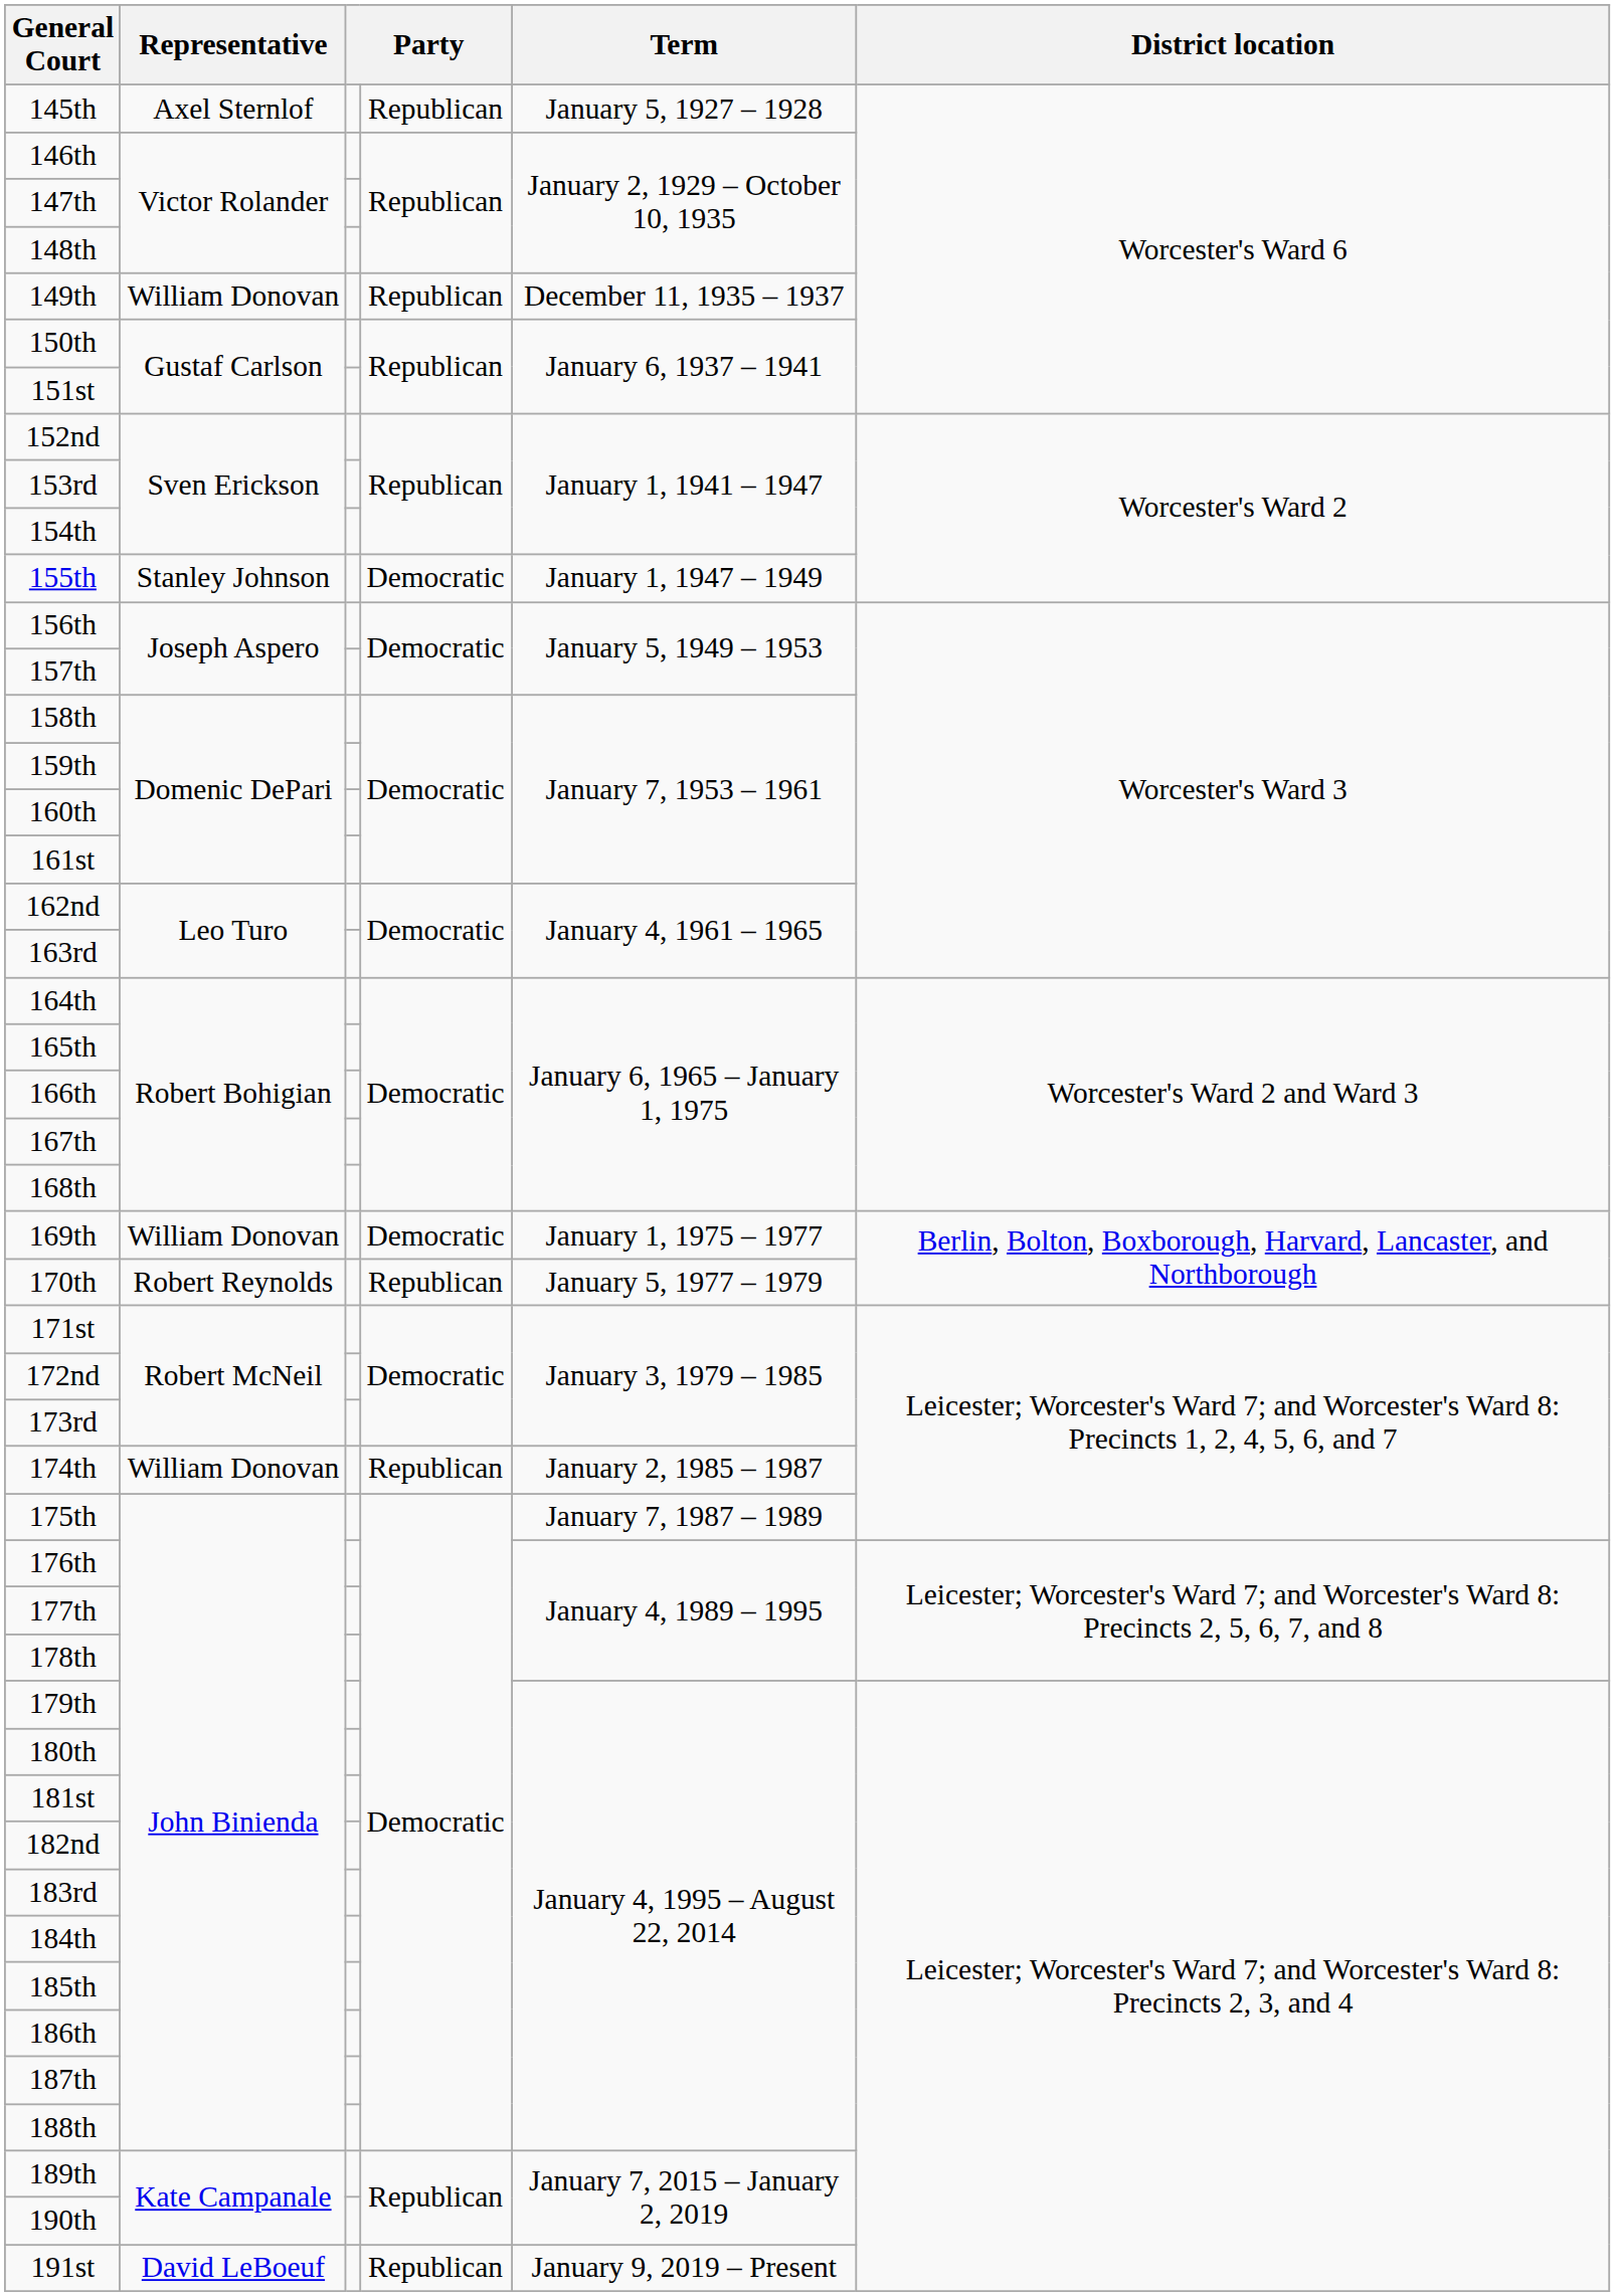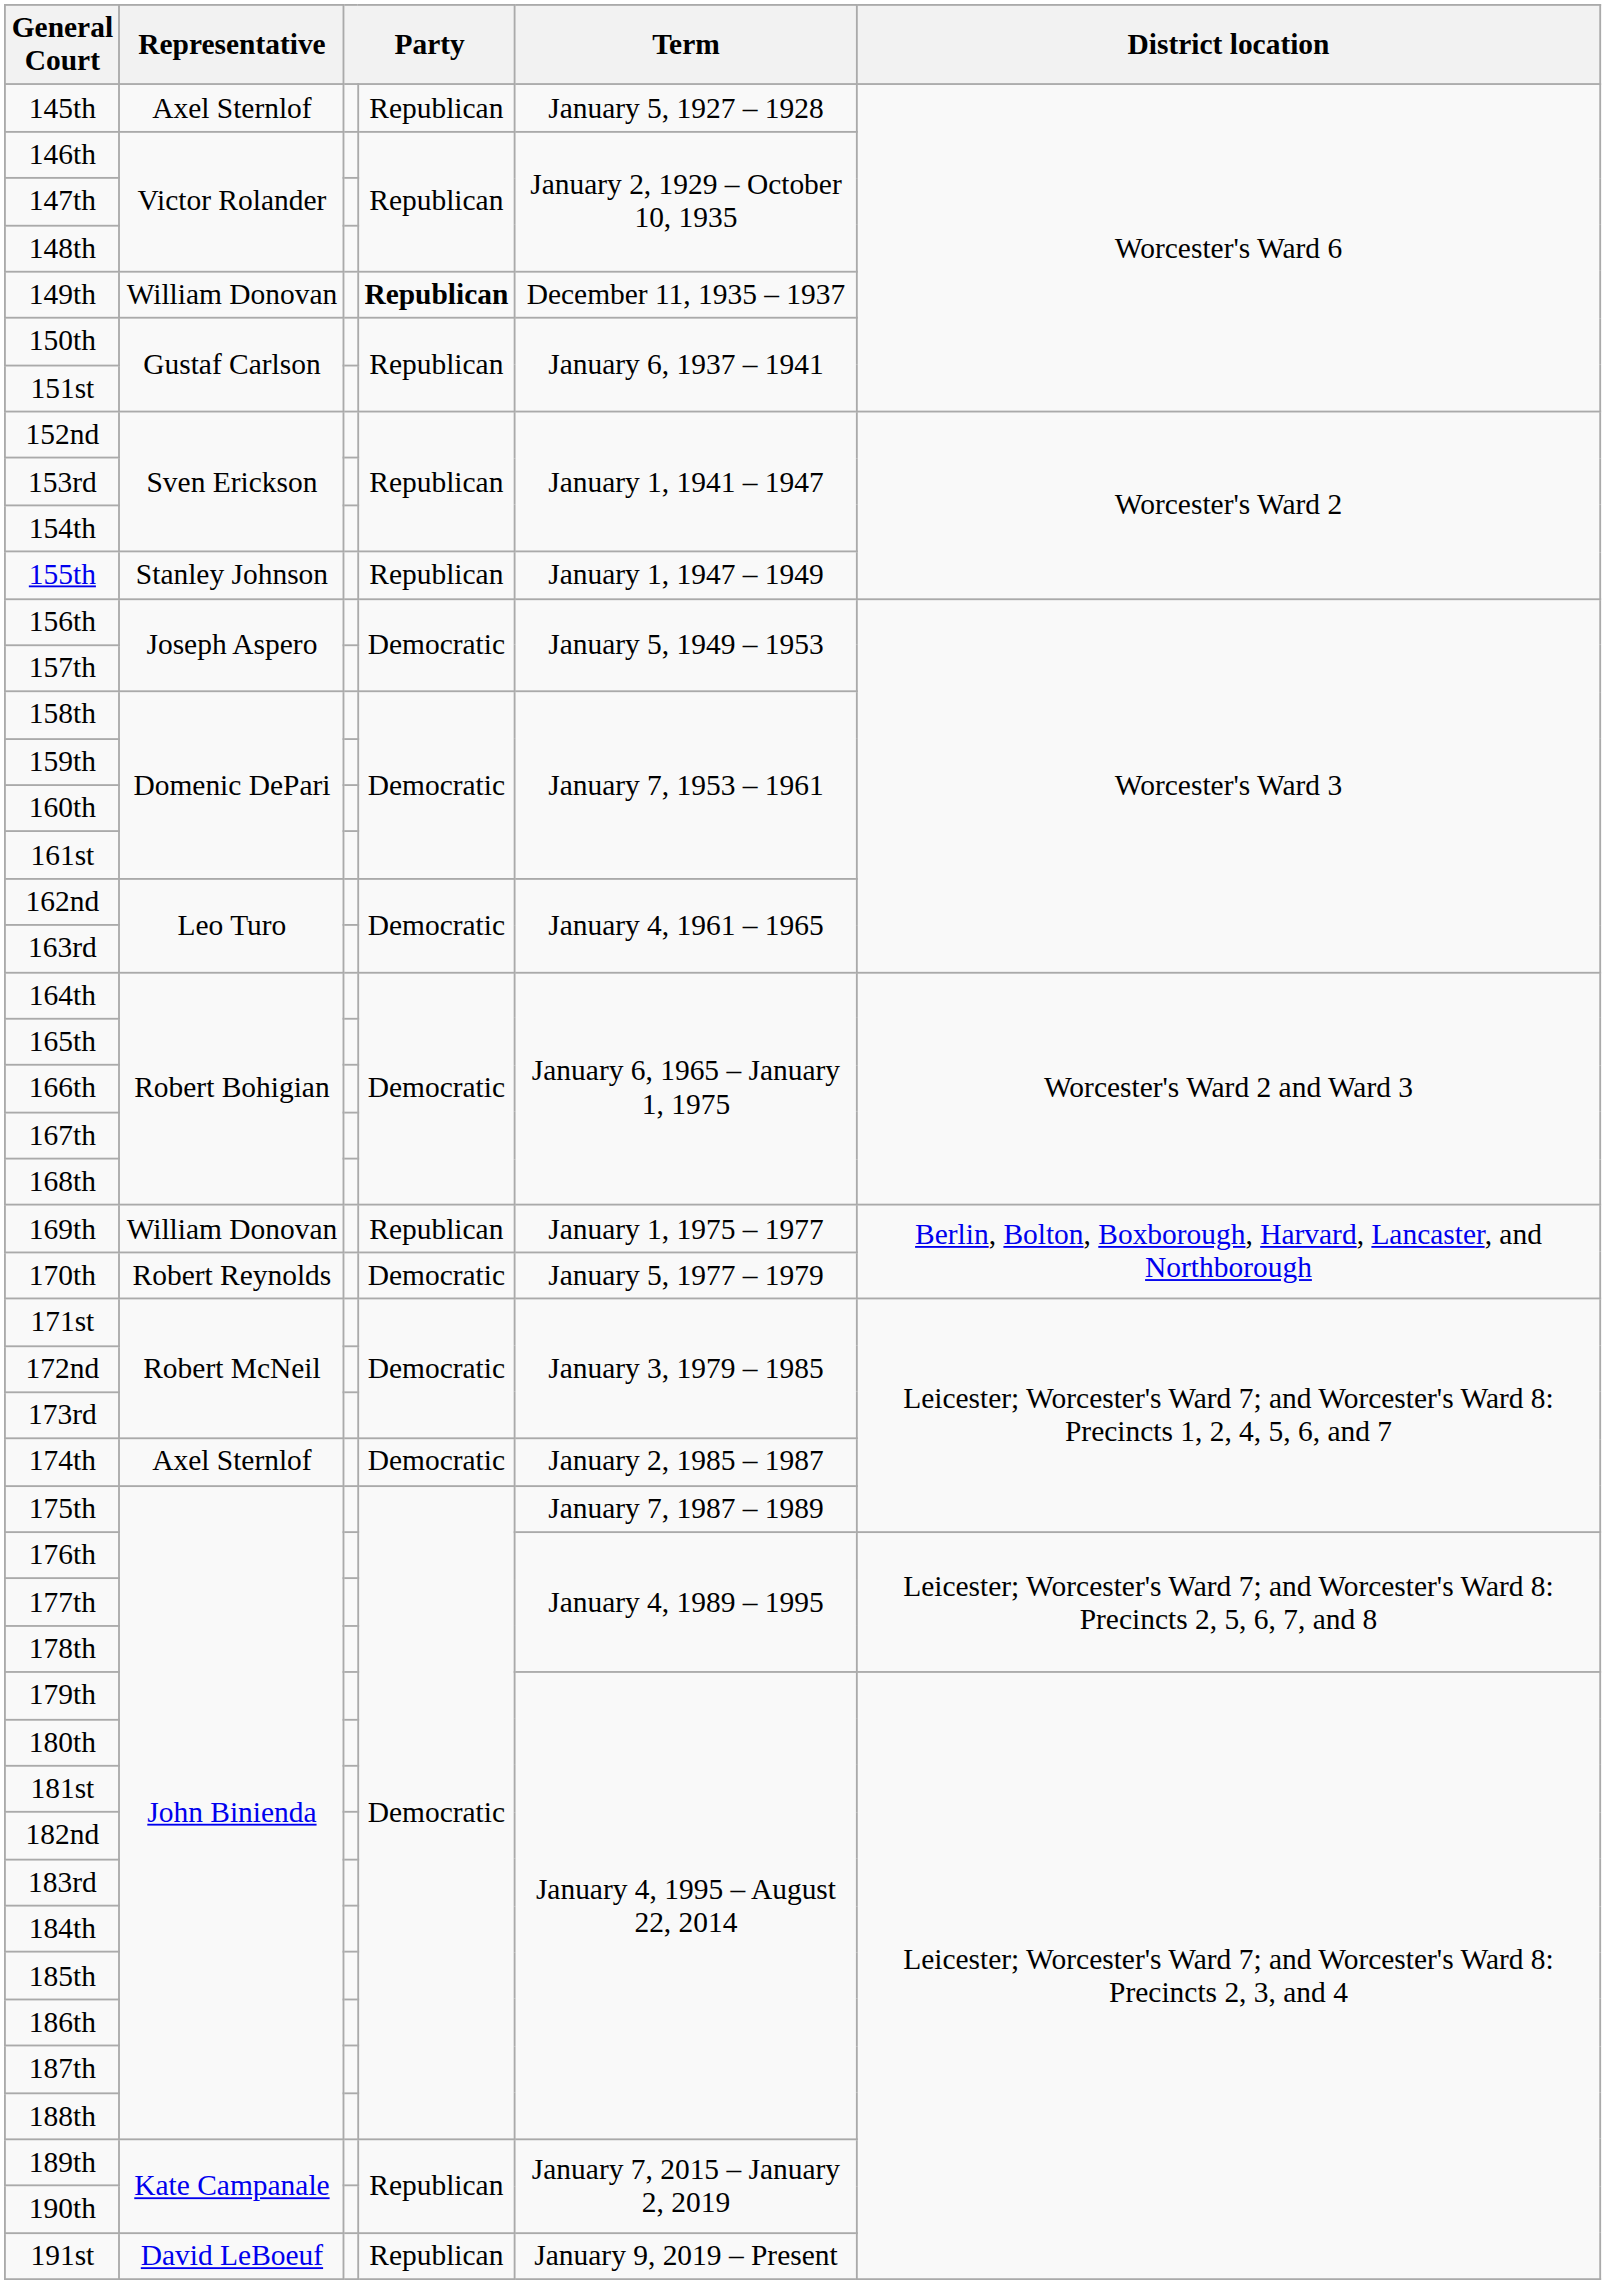 <table class="wikitable sortable" style="text-align:center;">
 <tr>
 <th>General<br>Court</th>
 <th>Representative</th>
 <th colspan=2>Party</th>
 <th>Term</th>
 <th>District location</th>
 </tr>
 <tr>
 <td>145th</td>
 <td nowrap>Axel Sternlof</td>
 <td style="background-color:"></td>
 <td>Republican</td>
 <td>January 5, 1927 – 1928</td>
 <td rowspan=7>Worcester's Ward 6</td>
 </tr>
 <tr>
 <td>146th</td>
 <td rowspan=3>Victor Rolander</td>
 <td style="background-color:"></td>
 <td rowspan=3>Republican</td>
 <td rowspan=3>January 2, 1929 – October 10, 1935</td>
 </tr>
 <tr>
 <td>147th</td>
 <td style="background-color:"></td>
 </tr>
 <tr>
 <td>148th</td>
 <td style="background-color:"></td>
 </tr>
 <tr>
 <td>149th</td>
 <td nowrap>William Donovan</td>
 <td style="background-color:"></td>
-<td>Republican</td>
+<td><strong>Republican</strong></td>
 <td>December 11, 1935 – 1937</td>
 </tr>
 <tr>
 <td>150th</td>
 <td rowspan=2>Gustaf Carlson</td>
 <td style="background-color:"></td>
 <td rowspan=2>Republican</td>
 <td rowspan=2>January 6, 1937 – 1941</td>
 </tr>
 <tr>
 <td>151st</td>
 <td style="background-color:"></td>
 </tr>
 <tr>
 <td>152nd</td>
 <td rowspan=3>Sven Erickson</td>
 <td style="background-color:"></td>
 <td rowspan=3>Republican</td>
 <td rowspan=3>January 1, 1941 – 1947</td>
 <td rowspan=4>Worcester's Ward 2</td>
 </tr>
 <tr>
 <td>153rd</td>
 <td style="background-color:"></td>
 </tr>
 <tr>
 <td>154th</td>
 <td style="background-color:"></td>
 </tr>
 <tr>
 <td><a href='#'>155th</a></td>
 <td nowrap>Stanley Johnson</td>
 <td style="background-color:"></td>
-<td>Democratic</td>
+<td>Republican</td>
 <td>January 1, 1947 – 1949</td>
 </tr>
 <tr>
 <td>156th</td>
 <td rowspan=2>Joseph Aspero</td>
 <td style="background-color:"></td>
 <td rowspan=2>Democratic</td>
 <td rowspan=2>January 5, 1949 – 1953</td>
 <td rowspan=8>Worcester's Ward 3</td>
 </tr>
 <tr>
 <td>157th</td>
 <td style="background-color:"></td>
 </tr>
 <tr>
 <td>158th</td>
 <td rowspan=4>Domenic DePari</td>
 <td style="background-color:"></td>
 <td rowspan=4>Democratic</td>
 <td rowspan=4>January 7, 1953 – 1961</td>
 </tr>
 <tr>
 <td>159th</td>
 <td style="background-color:"></td>
 </tr>
 <tr>
 <td>160th</td>
 <td style="background-color:"></td>
 </tr>
 <tr>
 <td>161st</td>
 <td style="background-color:"></td>
 </tr>
 <tr>
 <td>162nd</td>
 <td rowspan=2>Leo Turo</td>
 <td style="background-color:"></td>
 <td rowspan=2>Democratic</td>
 <td rowspan=2>January 4, 1961 – 1965</td>
 </tr>
 <tr>
 <td>163rd</td>
 <td style="background-color:"></td>
 </tr>
 <tr>
 <td>164th</td>
 <td rowspan=5>Robert Bohigian</td>
 <td style="background-color:"></td>
 <td rowspan=5>Democratic</td>
 <td rowspan=5>January 6, 1965 – January 1, 1975</td>
 <td rowspan=5>Worcester's Ward 2 and Ward 3</td>
 </tr>
 <tr>
 <td>165th</td>
 <td style="background-color:"></td>
 </tr>
 <tr>
 <td>166th</td>
 <td style="background-color:"></td>
 </tr>
 <tr>
 <td>167th</td>
 <td style="background-color:"></td>
 </tr>
 <tr>
 <td>168th</td>
 <td style="background-color:"></td>
 </tr>
 <tr>
 <td>169th</td>
 <td nowrap>William Donovan</td>
 <td style="background-color:"></td>
-<td>Democratic</td>
+<td>Republican</td>
 <td>January 1, 1975 – 1977</td>
 <td rowspan=2><a href='#'>Berlin</a>, <a href='#'>Bolton</a>, <a href='#'>Boxborough</a>, <a href='#'>Harvard</a>, <a href='#'>Lancaster</a>, and <a href='#'>Northborough</a></td>
 </tr>
 <tr>
 <td>170th</td>
 <td nowrap>Robert Reynolds</td>
 <td style="background-color:"></td>
-<td>Republican</td>
+<td>Democratic</td>
 <td>January 5, 1977 – 1979</td>
 </tr>
 <tr>
 <td>171st</td>
 <td rowspan=3>Robert McNeil</td>
 <td style="background-color:"></td>
 <td rowspan=3>Democratic</td>
 <td rowspan=3>January 3, 1979 – 1985</td>
 <td rowspan=5>Leicester; Worcester's Ward 7; and Worcester's Ward 8: Precincts 1, 2, 4, 5, 6, and 7</td>
 </tr>
 <tr>
 <td>172nd</td>
 <td style="background-color:"></td>
 </tr>
 <tr>
 <td>173rd</td>
 <td style="background-color:"></td>
 </tr>
 <tr>
 <td>174th</td>
-<td nowrap>William Donovan</td>
+<td nowrap>Axel Sternlof</td>
 <td style="background-color:"></td>
-<td>Republican</td>
+<td>Democratic</td>
 <td>January 2, 1985 – 1987</td>
 </tr>
 <tr>
 <td>175th</td>
 <td rowspan=14><a href='#'>John Binienda</a><br></td>
 <td style="background-color:"></td>
 <td rowspan=14>Democratic</td>
 <td>January 7, 1987 – 1989</td>
 </tr>
 <tr>
 <td>176th</td>
 <td style="background-color:"></td>
 <td rowspan=3>January 4, 1989 – 1995</td>
 <td rowspan=3>Leicester; Worcester's Ward 7; and Worcester's Ward 8: Precincts 2, 5, 6, 7, and 8</td>
 </tr>
 <tr>
 <td>177th</td>
 <td style="background-color:"></td>
 </tr>
 <tr>
 <td>178th</td>
 <td style="background-color:"></td>
 </tr>
 <tr>
 <td>179th</td>
 <td style="background-color:"></td>
 <td rowspan=10>January 4, 1995 – August 22, 2014</td>
 <td rowspan=13>Leicester; Worcester's Ward 7; and Worcester's Ward 8: Precincts 2, 3, and 4</td>
 </tr>
 <tr>
 <td>180th</td>
 <td style="background-color:"></td>
 </tr>
 <tr>
 <td>181st</td>
 <td style="background-color:"></td>
 </tr>
 <tr>
 <td>182nd</td>
 <td style="background-color:"></td>
 </tr>
 <tr>
 <td>183rd</td>
 <td style="background-color:"></td>
 </tr>
 <tr>
 <td>184th</td>
 <td style="background-color:"></td>
 </tr>
 <tr>
 <td>185th</td>
 <td style="background-color:"></td>
 </tr>
 <tr>
 <td>186th</td>
 <td style="background-color:"></td>
 </tr>
 <tr>
 <td>187th</td>
 <td style="background-color:"></td>
 </tr>
 <tr>
 <td>188th</td>
 <td style="background-color:"></td>
 </tr>
 <tr>
 <td>189th</td>
 <td rowspan=2><a href='#'>Kate Campanale</a></td>
 <td style="background-color:"></td>
 <td rowspan=2>Republican</td>
 <td rowspan=2>January 7, 2015 – January 2, 2019 </td>
 </tr>
 <tr>
 <td>190th</td>
 <td style="background-color:"></td>
 </tr>
 <tr>
 <td>191st</td>
 <td nowrap><a href='#'>David LeBoeuf</a></td>
 <td style="background-color:"></td>
 <td>Republican</td>
 <td>January 9, 2019 – Present</td>
 </tr>
 </table>
